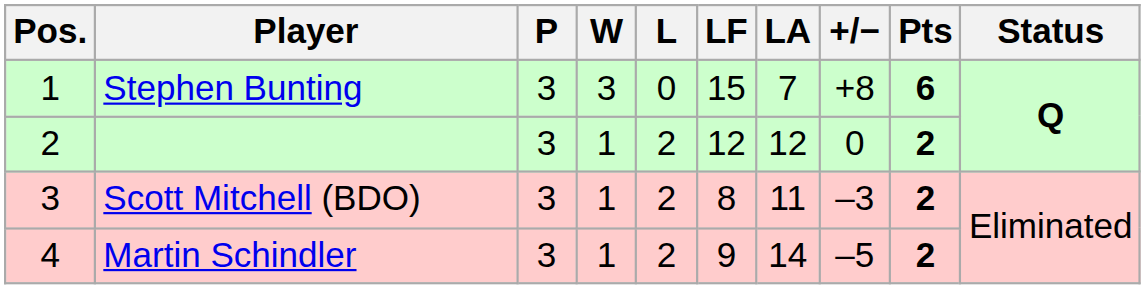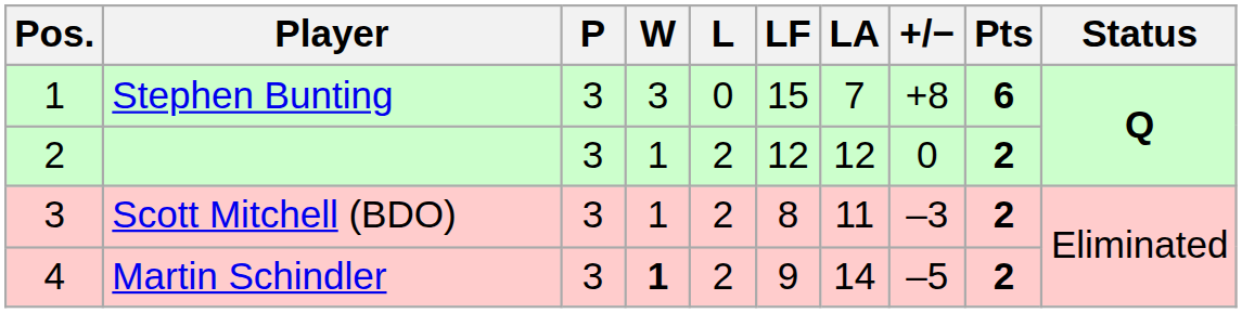 <table class="wikitable" style="text-align:center; margin: 1em auto 1em auto, align:left">
 <tr>
 <th width=20>Pos.</th>
 <th width=185>Player</th>
 <th width=20>P</th>
 <th width=20>W</th>
 <th width=20>L</th>
 <th width=20>LF</th>
 <th width=20>LA</th>
 <th width=25>+/−</th>
 <th width=20>Pts</th>
 <th width=70>Status</th>
 </tr>
 <tr style="background:#CCFFCC;">
 <td>1</td>
 <td align=left> <a href='#'>Stephen Bunting</a></td>
 <td>3</td>
 <td>3</td>
 <td>0</td>
 <td>15</td>
 <td>7</td>
 <td>+8</td>
 <td><strong>6</strong></td>
 <td rowspan=2><strong>Q</strong></td>
 </tr>
 <tr style="background:#CCFFCC;">
 <td>2</td>
 <td align=left></td>
 <td>3</td>
 <td>1</td>
 <td>2</td>
 <td>12</td>
 <td>12</td>
 <td>0</td>
 <td><strong>2</strong></td>
 </tr>
 <tr style="background:#FFCCCC;">
 <td>3</td>
 <td align=left> <a href='#'>Scott Mitchell</a> (BDO)</td>
 <td>3</td>
 <td>1</td>
 <td>2</td>
 <td>8</td>
 <td>11</td>
 <td>–3</td>
 <td><strong>2</strong></td>
 <td rowspan=2>Eliminated</td>
 </tr>
 <tr style="background:#FFCCCC;">
 <td>4</td>
 <td align=left> <a href='#'>Martin Schindler</a></td>
 <td>3</td>
-<td>1</td>
+<td><strong>1</strong></td>
 <td>2</td>
 <td>9</td>
 <td>14</td>
 <td>–5</td>
 <td><strong>2</strong></td>
 </tr>
 </table>
